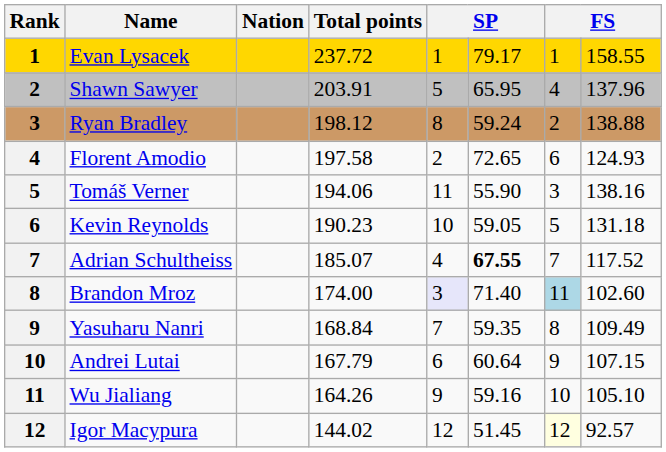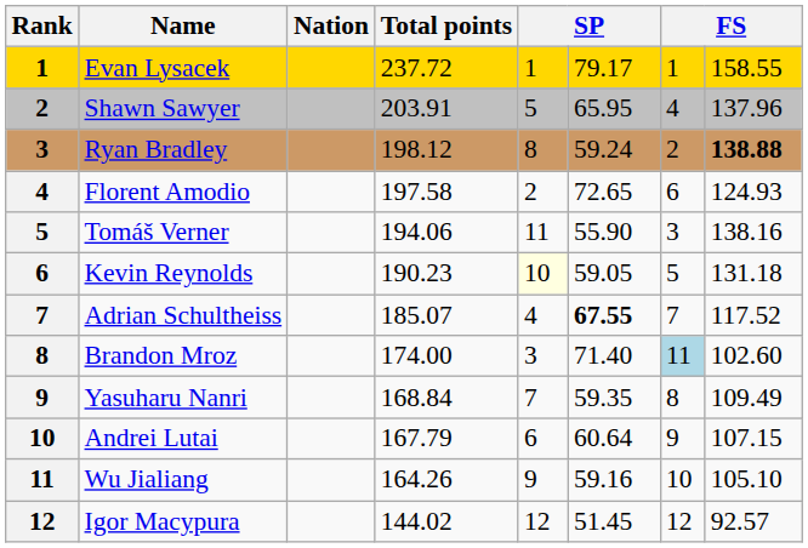 <table class="wikitable sortable">
 <tr>
 <th>Rank</th>
 <th>Name</th>
 <th>Nation</th>
 <th>Total points</th>
 <th colspan="2" width="80px"><a href='#'>SP</a></th>
 <th colspan="2" width="80px"><a href='#'>FS</a></th>
 </tr>
 <tr bgcolor="gold">
 <td align="center"><strong>1</strong></td>
 <td><a href='#'>Evan Lysacek</a></td>
 <td></td>
 <td>237.72</td>
 <td>1</td>
 <td>79.17</td>
 <td>1</td>
 <td>158.55</td>
 </tr>
 <tr bgcolor="silver">
 <td align="center"><strong>2</strong></td>
 <td><a href='#'>Shawn Sawyer</a></td>
 <td></td>
 <td>203.91</td>
 <td>5</td>
 <td>65.95</td>
 <td>4</td>
 <td>137.96</td>
 </tr>
 <tr bgcolor="cc9966">
 <td align="center"><strong>3</strong></td>
 <td><a href='#'>Ryan Bradley</a></td>
 <td></td>
 <td>198.12</td>
 <td>8</td>
 <td>59.24</td>
 <td>2</td>
-<td>138.88</td>
+<td><strong>138.88</strong></td>
 </tr>
 <tr>
 <th>4</th>
 <td><a href='#'>Florent Amodio</a></td>
 <td></td>
 <td>197.58</td>
 <td>2</td>
 <td>72.65</td>
 <td>6</td>
 <td>124.93</td>
 </tr>
 <tr>
 <th>5</th>
 <td><a href='#'>Tomáš Verner</a></td>
 <td></td>
 <td>194.06</td>
 <td>11</td>
 <td>55.90</td>
 <td>3</td>
 <td>138.16</td>
 </tr>
 <tr>
 <th>6</th>
 <td><a href='#'>Kevin Reynolds</a></td>
 <td></td>
 <td>190.23</td>
-<td>10</td>
+<td style="background: lightyellow;">10</td>
 <td>59.05</td>
 <td>5</td>
 <td>131.18</td>
 </tr>
 <tr>
 <th>7</th>
 <td><a href='#'>Adrian Schultheiss</a></td>
 <td></td>
 <td>185.07</td>
 <td>4</td>
 <td><strong>67.55</strong></td>
 <td>7</td>
 <td>117.52</td>
 </tr>
 <tr>
 <th>8</th>
 <td><a href='#'>Brandon Mroz</a></td>
 <td></td>
 <td>174.00</td>
-<td style="background: lavender;">3</td>
+<td>3</td>
 <td>71.40</td>
 <td style="background: lightblue;">11</td>
 <td>102.60</td>
 </tr>
 <tr>
 <th>9</th>
 <td><a href='#'>Yasuharu Nanri</a></td>
 <td></td>
 <td>168.84</td>
 <td>7</td>
 <td>59.35</td>
 <td>8</td>
 <td>109.49</td>
 </tr>
 <tr>
 <th>10</th>
 <td><a href='#'>Andrei Lutai</a></td>
 <td></td>
 <td>167.79</td>
 <td>6</td>
 <td>60.64</td>
 <td>9</td>
 <td>107.15</td>
 </tr>
 <tr>
 <th>11</th>
 <td><a href='#'>Wu Jialiang</a></td>
 <td></td>
 <td>164.26</td>
 <td>9</td>
 <td>59.16</td>
 <td>10</td>
 <td>105.10</td>
 </tr>
 <tr>
 <th>12</th>
 <td><a href='#'>Igor Macypura</a></td>
 <td></td>
 <td>144.02</td>
 <td>12</td>
 <td>51.45</td>
-<td style="background: lightyellow;">12</td>
+<td>12</td>
 <td>92.57</td>
 </tr>
 </table>
